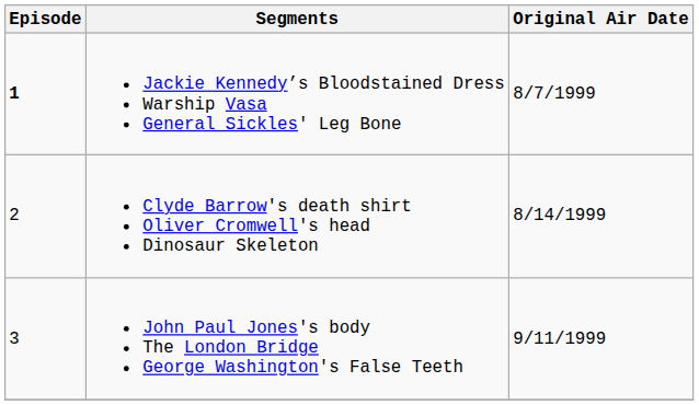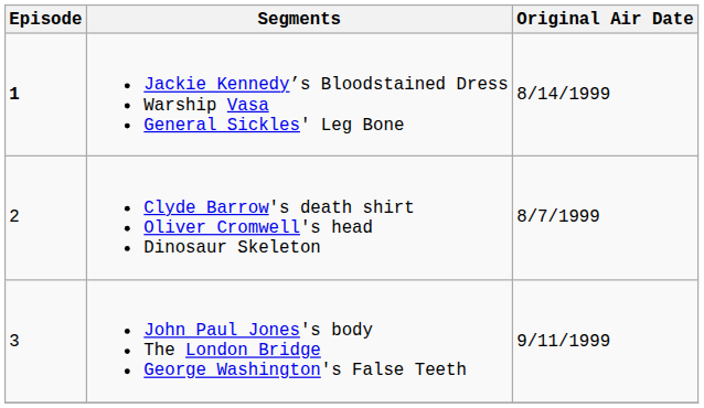 <table class="wikitable">
 <tr>
 <th>Episode</th>
 <th>Segments</th>
 <th>Original Air Date</th>
 </tr>
 <tr>
 <td><strong>1</strong></td>
 <td><br><ul><li><a href='#'>Jackie Kennedy</a>’s Bloodstained Dress</li><li>Warship <a href='#'>Vasa</a></li><li><a href='#'>General Sickles</a>' Leg Bone</li></ul></td>
-<td>8/7/1999 </td>
+<td>8/14/1999 </td>
 </tr>
 <tr>
 <td>2</td>
 <td><br><ul><li><a href='#'>Clyde Barrow</a>'s death shirt</li><li><a href='#'>Oliver Cromwell</a>'s head</li><li>Dinosaur Skeleton</li></ul></td>
-<td>8/14/1999 </td>
+<td>8/7/1999 </td>
 </tr>
 <tr>
 <td>3</td>
 <td><br><ul><li><a href='#'>John Paul Jones</a>'s body</li><li>The <a href='#'>London Bridge</a></li><li><a href='#'>George Washington</a>'s False Teeth</li></ul></td>
 <td>9/11/1999</td>
 </tr>
 <tr>
 </tr>
 </table>
